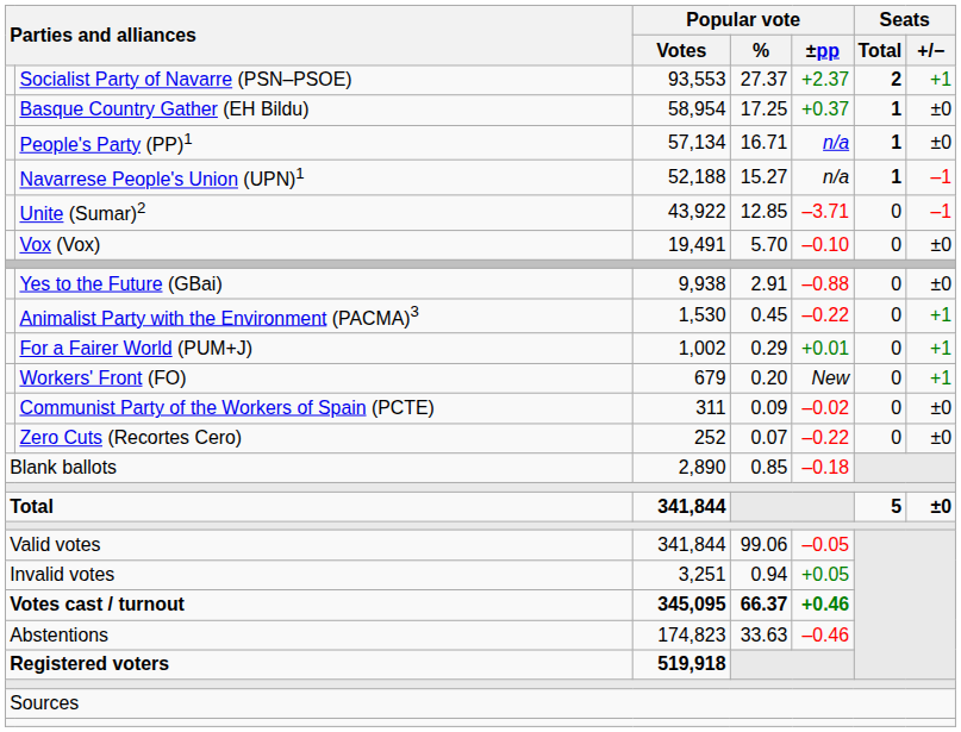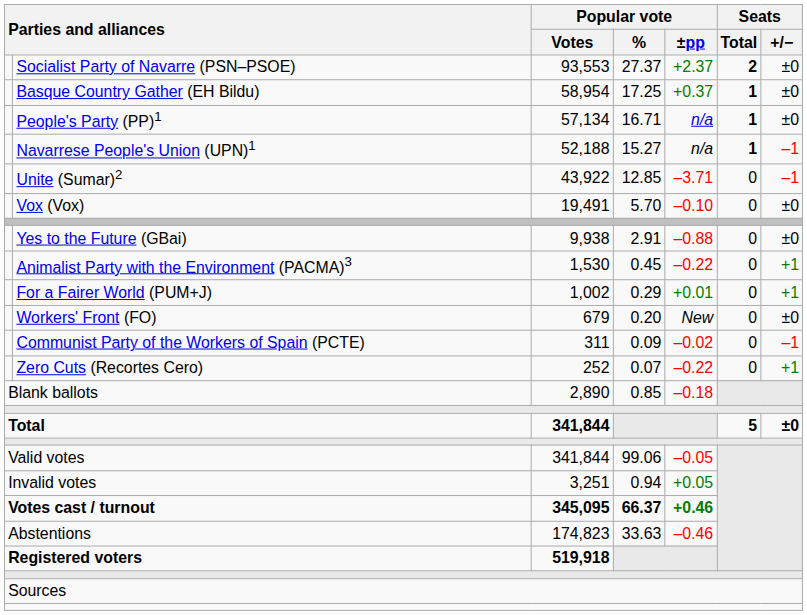 <table class="wikitable" style="text-align:right;">
 <tr>
 <th style="text-align:left;" rowspan="2" colspan="2" width="525">Parties and alliances</th>
 <th colspan="3">Popular vote</th>
 <th colspan="2">Seats</th>
 </tr>
 <tr>
 <th width="75">Votes</th>
 <th width="45">%</th>
 <th width="45">±<a href='#'>pp</a></th>
 <th width="35">Total</th>
 <th width="35">+/−</th>
 </tr>
 <tr>
 <td width="1" style="color:inherit;background:"></td>
 <td align="left"><a href='#'>Socialist Party of Navarre</a> (PSN–PSOE)</td>
 <td>93,553</td>
 <td>27.37</td>
 <td style="color:green;">+2.37</td>
 <td><strong>2</strong></td>
-<td style="color:green;">+1</td>
+<td>±0</td>
 </tr>
 <tr>
 <td style="color:inherit;background:"></td>
 <td align="left"><a href='#'>Basque Country Gather</a> (EH Bildu)</td>
 <td>58,954</td>
 <td>17.25</td>
 <td style="color:green;">+0.37</td>
 <td><strong>1</strong></td>
 <td>±0</td>
 </tr>
 <tr>
 <td style="color:inherit;background:"></td>
 <td align="left"><a href='#'>People's Party</a> (PP)<sup>1</sup></td>
 <td>57,134</td>
 <td>16.71</td>
 <td><em><a href='#'>n/a</a></em></td>
 <td><strong>1</strong></td>
 <td>±0</td>
 </tr>
 <tr>
 <td style="color:inherit;background:"></td>
 <td align="left"><a href='#'>Navarrese People's Union</a> (UPN)<sup>1</sup></td>
 <td>52,188</td>
 <td>15.27</td>
 <td><em>n/a</em></td>
 <td><strong>1</strong></td>
 <td style="color:red;">–1</td>
 </tr>
 <tr>
 <td style="color:inherit;background:"></td>
 <td align="left"><a href='#'>Unite</a> (Sumar)<sup>2</sup></td>
 <td>43,922</td>
 <td>12.85</td>
 <td style="color:red;">–3.71</td>
 <td>0</td>
 <td style="color:red;">–1</td>
 </tr>
 <tr>
 <td style="color:inherit;background:"></td>
 <td align="left"><a href='#'>Vox</a> (Vox)</td>
 <td>19,491</td>
 <td>5.70</td>
 <td style="color:red;">–0.10</td>
 <td>0</td>
 <td>±0</td>
 </tr>
 <tr>
 <td colspan="7" bgcolor="#C0C0C0"></td>
 </tr>
 <tr>
 <td style="color:inherit;background:"></td>
 <td align="left"><a href='#'>Yes to the Future</a> (GBai)</td>
 <td>9,938</td>
 <td>2.91</td>
 <td style="color:red;">–0.88</td>
 <td>0</td>
 <td>±0</td>
 </tr>
 <tr>
 <td style="color:inherit;background:"></td>
 <td align="left"><a href='#'>Animalist Party with the Environment</a> (PACMA)<sup>3</sup></td>
 <td>1,530</td>
 <td>0.45</td>
 <td style="color:red;">–0.22</td>
 <td>0</td>
 <td style="color:green;">+1</td>
 </tr>
 <tr>
 <td style="color:inherit;background:"></td>
 <td align="left"><a href='#'>For a Fairer World</a> (PUM+J)</td>
 <td>1,002</td>
 <td>0.29</td>
 <td style="color:green;">+0.01</td>
 <td>0</td>
 <td style="color:green;">+1</td>
 </tr>
 <tr>
 <td style="color:inherit;background:"></td>
 <td align="left"><a href='#'>Workers' Front</a> (FO)</td>
 <td>679</td>
 <td>0.20</td>
 <td><em>New</em></td>
 <td>0</td>
-<td style="color:green;">+1</td>
+<td>±0</td>
 </tr>
 <tr>
 <td style="color:inherit;background:"></td>
 <td align="left"><a href='#'>Communist Party of the Workers of Spain</a> (PCTE)</td>
 <td>311</td>
 <td>0.09</td>
 <td style="color:red;">–0.02</td>
 <td>0</td>
-<td>±0</td>
+<td style="color:red;">–1</td>
 </tr>
 <tr>
 <td style="color:inherit;background:"></td>
 <td align="left"><a href='#'>Zero Cuts</a> (Recortes Cero)</td>
 <td>252</td>
 <td>0.07</td>
 <td style="color:red;">–0.22</td>
 <td>0</td>
-<td>±0</td>
+<td style="color:green;">+1</td>
 </tr>
 <tr>
 <td align="left" colspan="2">Blank ballots</td>
 <td>2,890</td>
 <td>0.85</td>
 <td style="color:red;">–0.18</td>
 <td bgcolor="#E9E9E9" colspan="2"></td>
 </tr>
 <tr>
 <td colspan="7" bgcolor="#E9E9E9"></td>
 </tr>
 <tr style="font-weight:bold;">
 <td align="left" colspan="2">Total</td>
 <td>341,844</td>
 <td bgcolor="#E9E9E9" colspan="2"></td>
 <td>5</td>
 <td>±0</td>
 </tr>
 <tr>
 <td colspan="7" bgcolor="#E9E9E9"></td>
 </tr>
 <tr>
 <td align="left" colspan="2">Valid votes</td>
 <td>341,844</td>
 <td>99.06</td>
 <td style="color:red;">–0.05</td>
 <td bgcolor="#E9E9E9" colspan="2" rowspan="5"></td>
 </tr>
 <tr>
 <td align="left" colspan="2">Invalid votes</td>
 <td>3,251</td>
 <td>0.94</td>
 <td style="color:green;">+0.05</td>
 </tr>
 <tr style="font-weight:bold;">
 <td align="left" colspan="2">Votes cast / turnout</td>
 <td>345,095</td>
 <td>66.37</td>
 <td style="color:green;">+0.46</td>
 </tr>
 <tr>
 <td align="left" colspan="2">Abstentions</td>
 <td>174,823</td>
 <td>33.63</td>
 <td style="color:red;">–0.46</td>
 </tr>
 <tr style="font-weight:bold;">
 <td align="left" colspan="2">Registered voters</td>
 <td>519,918</td>
 <td bgcolor="#E9E9E9" colspan="2"></td>
 </tr>
 <tr>
 <td colspan="7" bgcolor="#E9E9E9"></td>
 </tr>
 <tr>
 <td align="left" colspan="7">Sources</td>
 </tr>
 <tr>
 <td colspan="7" style="text-align:left; max-width:790px;"></td>
 </tr>
 </table>
